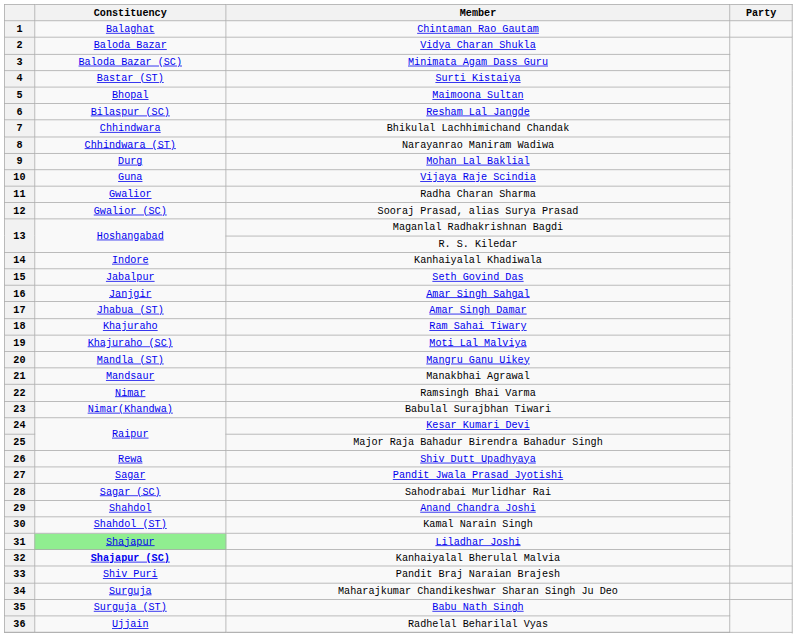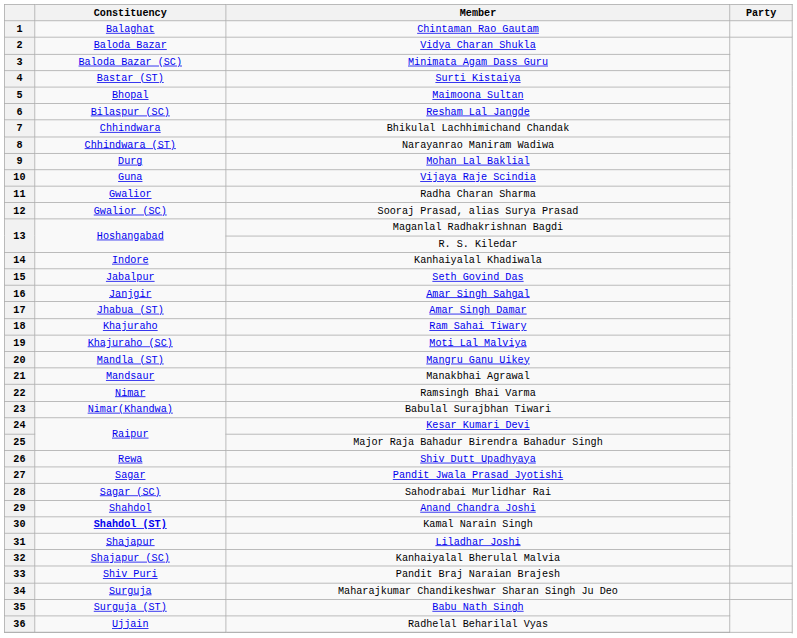 <table class="wikitable sortable" style="width:80%; text-align:center">
 <tr>
 <th></th>
 <th>Constituency</th>
 <th>Member</th>
 <th colspan="2" scope="col">Party</th>
 </tr>
 <tr>
 <th>1</th>
 <td><a href='#'>Balaghat</a></td>
 <td><a href='#'>Chintaman Rao Gautam</a></td>
 <td></td>
 </tr>
 <tr>
 <th>2</th>
 <td><a href='#'>Baloda Bazar</a></td>
 <td><a href='#'>Vidya Charan Shukla</a></td>
 </tr>
 <tr>
 <th>3</th>
 <td><a href='#'>Baloda Bazar (SC)</a></td>
 <td><a href='#'>Minimata Agam Dass Guru</a></td>
 </tr>
 <tr>
 <th>4</th>
 <td><a href='#'>Bastar (ST)</a></td>
 <td><a href='#'>Surti Kistaiya</a></td>
 </tr>
 <tr>
 <th>5</th>
 <td><a href='#'>Bhopal</a></td>
 <td><a href='#'>Maimoona Sultan</a></td>
 </tr>
 <tr>
 <th>6</th>
 <td><a href='#'>Bilaspur (SC)</a></td>
 <td><a href='#'>Resham Lal Jangde</a></td>
 </tr>
 <tr>
 <th>7</th>
 <td><a href='#'>Chhindwara</a></td>
 <td>Bhikulal Lachhimichand Chandak</td>
 </tr>
 <tr>
 <th>8</th>
 <td><a href='#'>Chhindwara (ST)</a></td>
 <td>Narayanrao Maniram Wadiwa</td>
 </tr>
 <tr>
 <th>9</th>
 <td><a href='#'>Durg</a></td>
 <td><a href='#'>Mohan Lal Baklial</a></td>
 </tr>
 <tr>
 <th>10</th>
 <td><a href='#'>Guna</a></td>
 <td><a href='#'>Vijaya Raje Scindia</a></td>
 </tr>
 <tr>
 <th>11</th>
 <td><a href='#'>Gwalior</a></td>
 <td>Radha Charan Sharma</td>
 </tr>
 <tr>
 <th>12</th>
 <td><a href='#'>Gwalior (SC)</a></td>
 <td>Sooraj Prasad, alias Surya Prasad</td>
 </tr>
 <tr>
 <th rowspan=2>13</th>
 <td rowspan=2><a href='#'>Hoshangabad</a></td>
 <td>Maganlal Radhakrishnan Bagdi</td>
 </tr>
 <tr>
 <td>R. S. Kiledar</td>
 </tr>
 <tr>
 <th>14</th>
 <td><a href='#'>Indore</a></td>
 <td>Kanhaiyalal Khadiwala</td>
 </tr>
 <tr>
 <th>15</th>
 <td><a href='#'>Jabalpur</a></td>
 <td><a href='#'>Seth Govind Das</a></td>
 </tr>
 <tr>
 <th>16</th>
 <td><a href='#'>Janjgir</a></td>
 <td><a href='#'>Amar Singh Sahgal</a></td>
 </tr>
 <tr>
 <th>17</th>
 <td><a href='#'>Jhabua (ST)</a></td>
 <td><a href='#'>Amar Singh Damar</a></td>
 </tr>
 <tr>
 <th>18</th>
 <td><a href='#'>Khajuraho</a></td>
 <td><a href='#'>Ram Sahai Tiwary</a></td>
 </tr>
 <tr>
 <th>19</th>
 <td><a href='#'>Khajuraho (SC)</a></td>
 <td><a href='#'>Moti Lal Malviya</a></td>
 </tr>
 <tr>
 <th>20</th>
 <td><a href='#'>Mandla (ST)</a></td>
 <td><a href='#'>Mangru Ganu Uikey</a></td>
 </tr>
 <tr>
 <th>21</th>
 <td><a href='#'>Mandsaur</a></td>
 <td>Manakbhai Agrawal</td>
 </tr>
 <tr>
 <th>22</th>
 <td><a href='#'>Nimar</a></td>
 <td>Ramsingh Bhai Varma</td>
 </tr>
 <tr>
 <th>23</th>
 <td><a href='#'>Nimar(Khandwa)</a></td>
 <td>Babulal Surajbhan Tiwari</td>
 </tr>
 <tr>
 <th>24</th>
 <td rowspan=2><a href='#'>Raipur</a></td>
 <td><a href='#'>Kesar Kumari Devi</a></td>
 </tr>
 <tr>
 <th>25</th>
 <td>Major Raja Bahadur Birendra Bahadur Singh</td>
 </tr>
 <tr>
 <th>26</th>
 <td><a href='#'>Rewa</a></td>
 <td><a href='#'>Shiv Dutt Upadhyaya</a></td>
 </tr>
 <tr>
 <th>27</th>
 <td><a href='#'>Sagar</a></td>
 <td><a href='#'>Pandit Jwala Prasad Jyotishi</a></td>
 </tr>
 <tr>
 <th>28</th>
 <td><a href='#'>Sagar (SC)</a></td>
 <td>Sahodrabai Murlidhar Rai</td>
 </tr>
 <tr>
 <th>29</th>
 <td><a href='#'>Shahdol</a></td>
 <td><a href='#'>Anand Chandra Joshi</a></td>
 </tr>
 <tr>
 <th>30</th>
-<td><a href='#'>Shahdol (ST)</a></td>
+<td><strong><a href='#'>Shahdol (ST)</a></strong></td>
 <td>Kamal Narain Singh</td>
 </tr>
 <tr>
 <th>31</th>
-<td style="background: lightgreen;"><a href='#'>Shajapur</a></td>
+<td><a href='#'>Shajapur</a></td>
 <td><a href='#'>Liladhar Joshi</a></td>
 </tr>
 <tr>
 <th>32</th>
-<td><strong><a href='#'>Shajapur (SC)</a></strong></td>
+<td><a href='#'>Shajapur (SC)</a></td>
 <td>Kanhaiyalal Bherulal Malvia</td>
 </tr>
 <tr>
 <th>33</th>
 <td><a href='#'>Shiv Puri</a></td>
 <td>Pandit Braj Naraian Brajesh</td>
 <td></td>
 </tr>
 <tr>
 <th>34</th>
 <td><a href='#'>Surguja</a></td>
 <td>Maharajkumar Chandikeshwar Sharan Singh Ju Deo</td>
 <td></td>
 </tr>
 <tr>
 <th>35</th>
 <td><a href='#'>Surguja (ST)</a></td>
 <td><a href='#'>Babu Nath Singh</a></td>
 </tr>
 <tr>
 <th>36</th>
 <td><a href='#'>Ujjain</a></td>
 <td>Radhelal Beharilal Vyas</td>
 </tr>
 <tr>
 </tr>
 </table>
